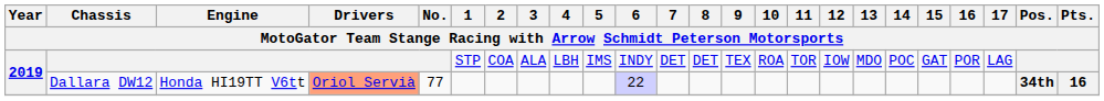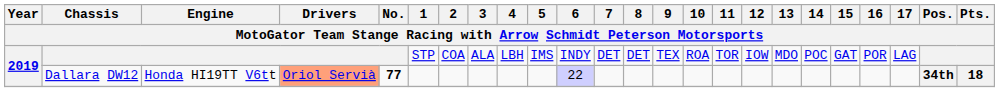 <table class="wikitable" style="text-align:center; font-size:85%">
 <tr>
 <th>Year</th>
 <th style="white-spaaace: nowrap;">Chassis</th>
 <th style="white-spaaace: nowrap;">Engine</th>
 <th style="white-spaaace: nowrap;">Drivers</th>
 <th>No.</th>
 <th>1</th>
 <th>2</th>
 <th>3</th>
 <th>4</th>
 <th>5</th>
 <th>6</th>
 <th>7</th>
 <th>8</th>
 <th>9</th>
 <th>10</th>
 <th>11</th>
 <th>12</th>
 <th>13</th>
 <th>14</th>
 <th>15</th>
 <th>16</th>
 <th>17</th>
 <th>Pos.</th>
 <th>Pts.</th>
 </tr>
 <tr>
 <th colspan=26>MotoGator Team Stange Racing with <a href='#'>Arrow</a> <a href='#'>Schmidt Peterson Motorsports</a></th>
 </tr>
 <tr>
 <th rowspan=2><a href='#'>2019</a></th>
 <th colspan=4></th>
 <td><a href='#'>STP</a></td>
 <td><a href='#'>COA</a></td>
 <td><a href='#'>ALA</a></td>
 <td><a href='#'>LBH</a></td>
 <td><a href='#'>IMS</a></td>
 <td><a href='#'>INDY</a></td>
 <td><a href='#'>DET</a></td>
 <td><a href='#'>DET</a></td>
 <td><a href='#'>TEX</a></td>
 <td><a href='#'>ROA</a></td>
 <td><a href='#'>TOR</a></td>
 <td><a href='#'>IOW</a></td>
 <td><a href='#'>MDO</a></td>
 <td><a href='#'>POC</a></td>
 <td><a href='#'>GAT</a></td>
 <td><a href='#'>POR</a></td>
 <td><a href='#'>LAG</a></td>
 <th colspan=4></th>
 </tr>
 <tr>
 <td><a href='#'>Dallara</a> <a href='#'>DW12</a></td>
 <td><a href='#'>Honda</a> HI19TT <a href='#'>V6t</a>t</td>
 <td align="left" style="background: lightsalmon;"> <a href='#'>Oriol Servià</a></td>
-<td>77</td>
+<td><strong>77</strong></td>
 <td></td>
 <td></td>
 <td></td>
 <td></td>
 <td></td>
 <td style="background:#CFCFFF;">22</td>
 <td></td>
 <td></td>
 <td></td>
 <td></td>
 <td></td>
 <td></td>
 <td></td>
 <td></td>
 <td></td>
 <td></td>
 <td></td>
 <th>34th</th>
-<th>16</th>
+<th>18</th>
 </tr>
 <tr>
 </tr>
 </table>
